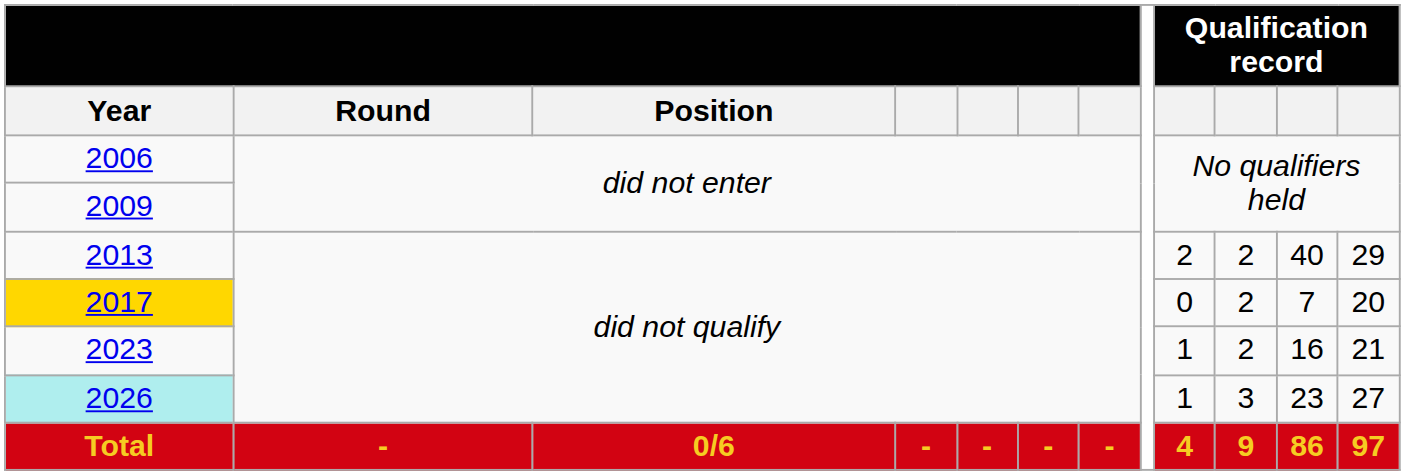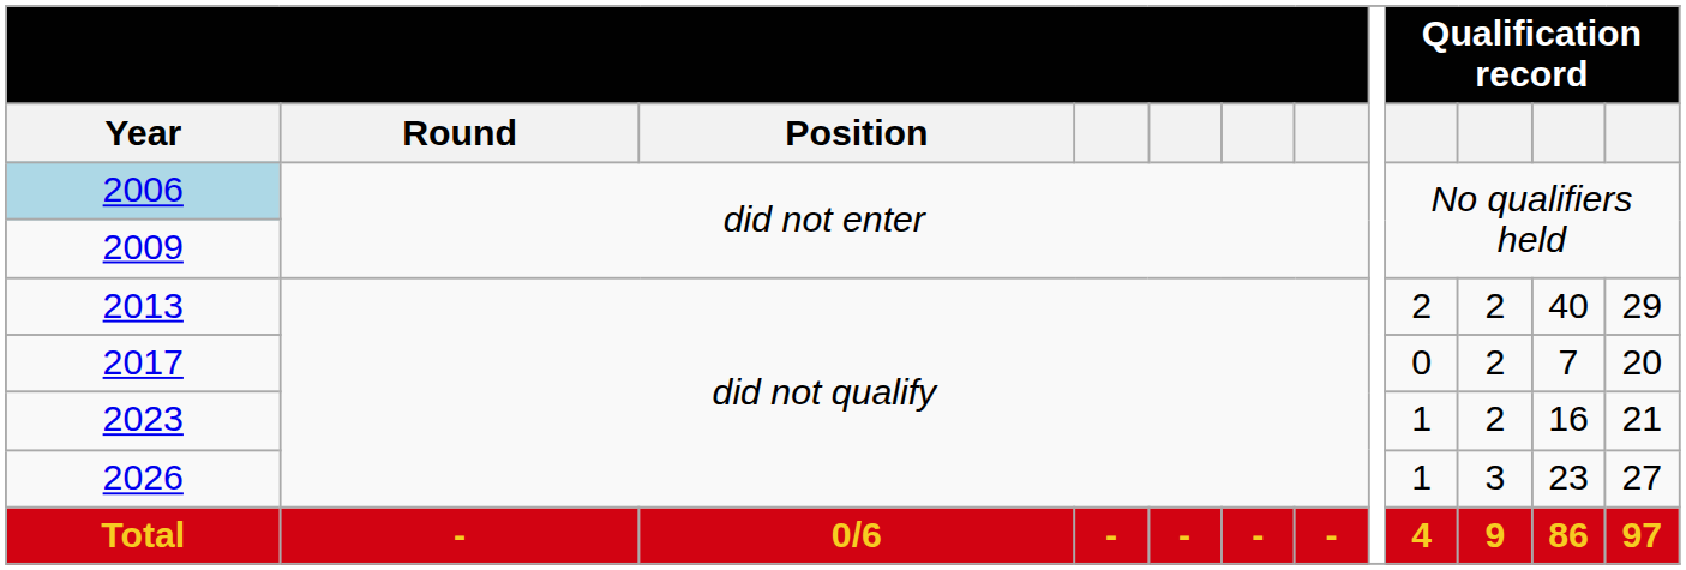 <table class="wikitable" style="text-align: center;">
 <tr>
 <th style="background:#010101;" colspan="7"><a href='#'></a></th>
 <th style="background:white; width:1%;" rowspan="9"></th>
 <th style="background:#010101; color:white;" colspan="5">Qualification record</th>
 </tr>
 <tr>
 <th>Year</th>
 <th>Round</th>
 <th>Position</th>
 <th width=25></th>
 <th width=25></th>
 <th width=25></th>
 <th width=25></th>
 <th width=25></th>
 <th width=25></th>
 <th width=25></th>
 <th width=25></th>
 </tr>
 <tr>
-<td><a href='#'>2006</a></td>
+<td style="background: lightblue;"><a href='#'>2006</a></td>
 <td colspan=6 rowspan=2><em>did not enter</em></td>
 <td colspan=4 rowspan=2 align=center><em>No qualifiers held</em></td>
 </tr>
 <tr>
 <td><a href='#'>2009</a></td>
 </tr>
 <tr>
 <td><a href='#'>2013</a></td>
 <td colspan=6 rowspan=4 align=center><em>did not qualify</em></td>
 <td>2</td>
 <td>2</td>
 <td>40</td>
 <td>29</td>
 </tr>
 <tr>
-<td style="background: gold;"><a href='#'>2017</a></td>
+<td><a href='#'>2017</a></td>
 <td>0</td>
 <td>2</td>
 <td>7</td>
 <td>20</td>
 </tr>
 <tr>
 <td><a href='#'>2023</a></td>
 <td>1</td>
 <td>2</td>
 <td>16</td>
 <td>21</td>
 </tr>
 <tr>
-<td style="background: paleturquoise;"><a href='#'>2026</a></td>
+<td><a href='#'>2026</a></td>
 <td>1</td>
 <td>3</td>
 <td>23</td>
 <td>27</td>
 </tr>
 <tr>
 <th style="color:#f6cc22; background:#d20312;"><strong>Total</strong></th>
 <th style="color:#f6cc22; background:#d20312;"><strong>-</strong></th>
 <th style="color:#f6cc22; background:#d20312;"><strong>0/6</strong></th>
 <th style="color:#f6cc22; background:#d20312;"><strong>-</strong></th>
 <th style="color:#f6cc22; background:#d20312;"><strong>-</strong></th>
 <th style="color:#f6cc22; background:#d20312;"><strong>-</strong></th>
 <th style="color:#f6cc22; background:#d20312;"><strong>-</strong></th>
 <th style="color:#f6cc22; background:#d20312;"><strong>4</strong></th>
 <th style="color:#f6cc22; background:#d20312;"><strong>9</strong></th>
 <th style="color:#f6cc22; background:#d20312;"><strong>86</strong></th>
 <th style="color:#f6cc22; background:#d20312;"><strong>97</strong></th>
 </tr>
 </table>
